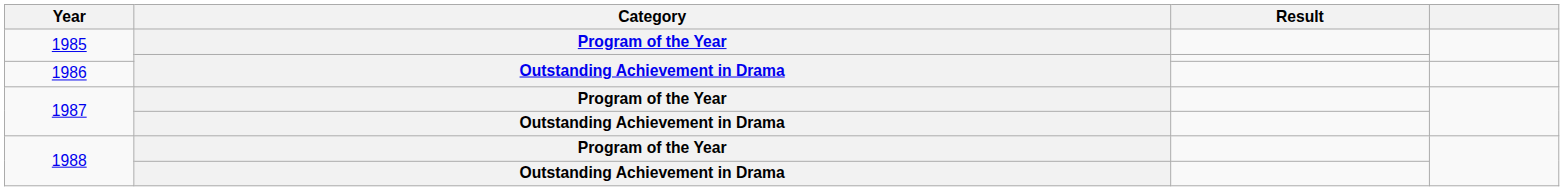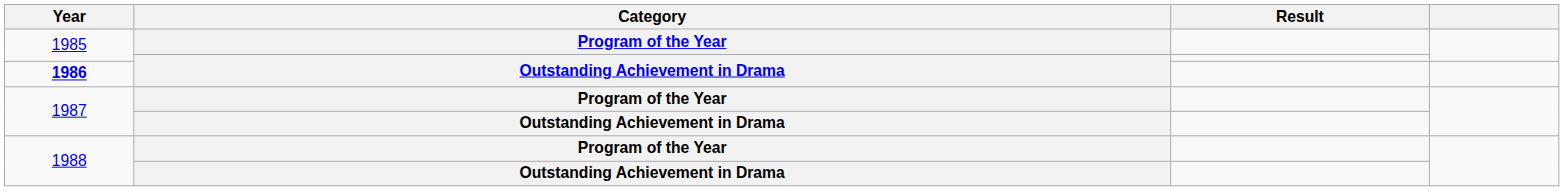 <table class="wikitable plainrowheaders" style="text-align:center" width=80%>
 <tr>
 <th scope="col" width="5%">Year</th>
 <th scope="col" width="40%">Category</th>
 <th scope="col" width="10%">Result</th>
 <th scope="col" width="5%"></th>
 </tr>
 <tr>
 <td rowspan="2"><a href='#'>1985</a></td>
 <th scope="row" style="text-align:center"><a href='#'>Program of the Year</a></th>
 <td></td>
 <td rowspan="2"></td>
 </tr>
 <tr>
 <th scope="row" style="text-align:center" rowspan="2"><a href='#'>Outstanding Achievement in Drama</a></th>
 <td></td>
 </tr>
 <tr>
-<td><a href='#'>1986</a></td>
+<td><strong><a href='#'>1986</a></strong></td>
 <td></td>
 <td></td>
 </tr>
 <tr>
 <td rowspan="2"><a href='#'>1987</a></td>
 <th scope="row" style="text-align:center">Program of the Year</th>
 <td></td>
 <td rowspan="2"></td>
 </tr>
 <tr>
 <th scope="row" style="text-align:center">Outstanding Achievement in Drama</th>
 <td></td>
 </tr>
 <tr>
 <td rowspan="2"><a href='#'>1988</a></td>
 <th scope="row" style="text-align:center">Program of the Year</th>
 <td></td>
 <td rowspan="2"></td>
 </tr>
 <tr>
 <th scope="row" style="text-align:center">Outstanding Achievement in Drama</th>
 <td></td>
 </tr>
 </table>
